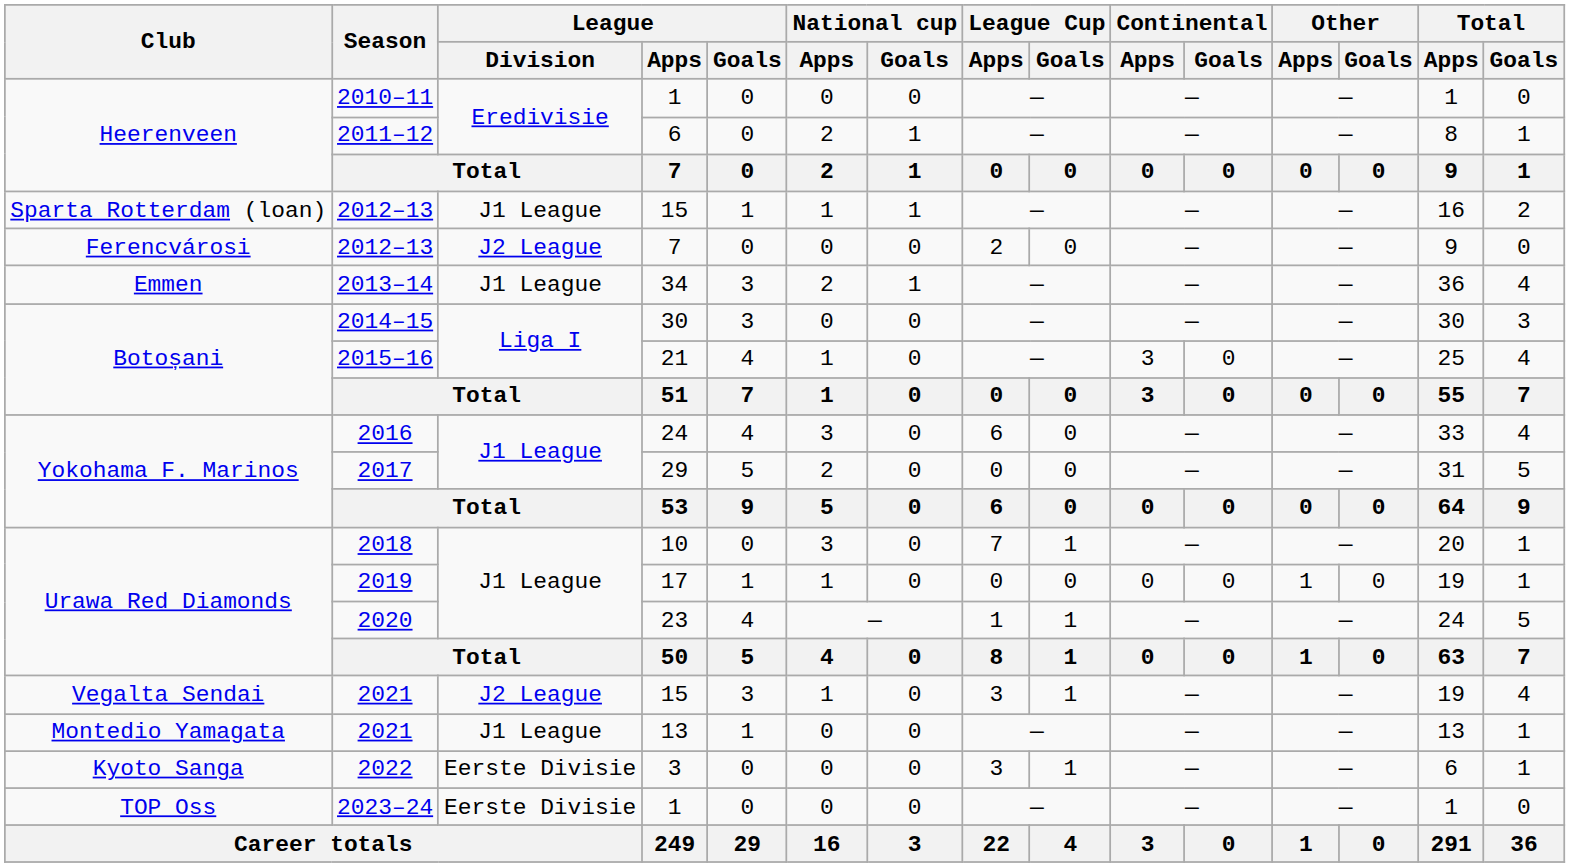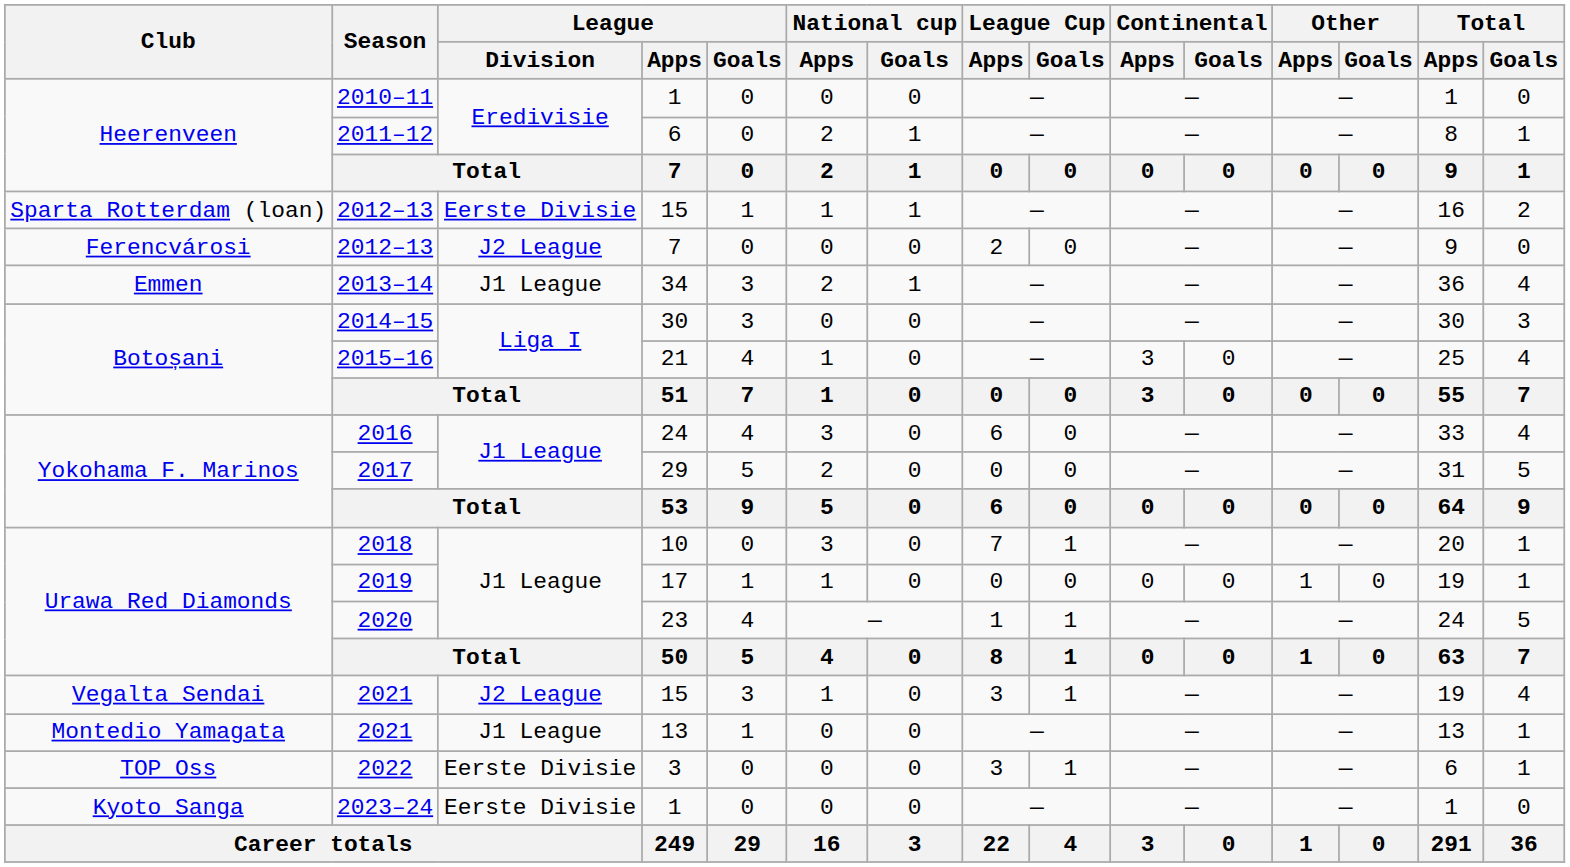 <table class="wikitable" style="text-align: center">
 <tr>
 <th rowspan=2>Club</th>
 <th rowspan=2>Season</th>
 <th colspan=3>League</th>
 <th colspan=2>National cup</th>
 <th colspan=2>League Cup</th>
 <th colspan=2>Continental</th>
 <th colspan=2>Other</th>
 <th colspan=2>Total</th>
 </tr>
 <tr>
 <th>Division</th>
 <th>Apps</th>
 <th>Goals</th>
 <th>Apps</th>
 <th>Goals</th>
 <th>Apps</th>
 <th>Goals</th>
 <th>Apps</th>
 <th>Goals</th>
 <th>Apps</th>
 <th>Goals</th>
 <th>Apps</th>
 <th>Goals</th>
 </tr>
 <tr>
 <td rowspan=3><a href='#'>Heerenveen</a></td>
 <td><a href='#'>2010–11</a></td>
 <td rowspan=2><a href='#'>Eredivisie</a></td>
 <td>1</td>
 <td>0</td>
 <td>0</td>
 <td>0</td>
 <td colspan=2>—</td>
 <td colspan=2>—</td>
 <td colspan=2>—</td>
 <td>1</td>
 <td>0</td>
 </tr>
 <tr>
 <td><a href='#'>2011–12</a></td>
 <td>6</td>
 <td>0</td>
 <td>2</td>
 <td>1</td>
 <td colspan=2>—</td>
 <td colspan=2>—</td>
 <td colspan=2>—</td>
 <td>8</td>
 <td>1</td>
 </tr>
 <tr>
 <th colspan=2>Total</th>
 <th>7</th>
 <th>0</th>
 <th>2</th>
 <th>1</th>
 <th>0</th>
 <th>0</th>
 <th>0</th>
 <th>0</th>
 <th>0</th>
 <th>0</th>
 <th>9</th>
 <th>1</th>
 </tr>
 <tr>
 <td><a href='#'>Sparta Rotterdam</a> (loan)</td>
 <td><a href='#'>2012–13</a></td>
-<td>J1 League</td>
+<td><a href='#'>Eerste Divisie</a></td>
 <td>15</td>
 <td>1</td>
 <td>1</td>
 <td>1</td>
 <td colspan=2>—</td>
 <td colspan=2>—</td>
 <td colspan=2>—</td>
 <td>16</td>
 <td>2</td>
 </tr>
 <tr>
 <td><a href='#'>Ferencvárosi</a></td>
 <td><a href='#'>2012–13</a></td>
 <td><a href='#'>J2 League</a></td>
 <td>7</td>
 <td>0</td>
 <td>0</td>
 <td>0</td>
 <td>2</td>
 <td>0</td>
 <td colspan=2>—</td>
 <td colspan=2>—</td>
 <td>9</td>
 <td>0</td>
 </tr>
 <tr>
 <td><a href='#'>Emmen</a></td>
 <td><a href='#'>2013–14</a></td>
 <td>J1 League</td>
 <td>34</td>
 <td>3</td>
 <td>2</td>
 <td>1</td>
 <td colspan=2>—</td>
 <td colspan=2>—</td>
 <td colspan=2>—</td>
 <td>36</td>
 <td>4</td>
 </tr>
 <tr>
 <td rowspan=3><a href='#'>Botoșani</a></td>
 <td><a href='#'>2014–15</a></td>
 <td rowspan=2><a href='#'>Liga I</a></td>
 <td>30</td>
 <td>3</td>
 <td>0</td>
 <td>0</td>
 <td colspan=2>—</td>
 <td colspan=2>—</td>
 <td colspan=2>—</td>
 <td>30</td>
 <td>3</td>
 </tr>
 <tr>
 <td><a href='#'>2015–16</a></td>
 <td>21</td>
 <td>4</td>
 <td>1</td>
 <td>0</td>
 <td colspan=2>—</td>
 <td>3</td>
 <td>0</td>
 <td colspan=2>—</td>
 <td>25</td>
 <td>4</td>
 </tr>
 <tr>
 <th colspan=2>Total</th>
 <th>51</th>
 <th>7</th>
 <th>1</th>
 <th>0</th>
 <th>0</th>
 <th>0</th>
 <th>3</th>
 <th>0</th>
 <th>0</th>
 <th>0</th>
 <th>55</th>
 <th>7</th>
 </tr>
 <tr>
 <td rowspan=3><a href='#'>Yokohama F. Marinos</a></td>
 <td><a href='#'>2016</a></td>
 <td rowspan=2><a href='#'>J1 League</a></td>
 <td>24</td>
 <td>4</td>
 <td>3</td>
 <td>0</td>
 <td>6</td>
 <td>0</td>
 <td colspan=2>—</td>
 <td colspan=2>—</td>
 <td>33</td>
 <td>4</td>
 </tr>
 <tr>
 <td><a href='#'>2017</a></td>
 <td>29</td>
 <td>5</td>
 <td>2</td>
 <td>0</td>
 <td>0</td>
 <td>0</td>
 <td colspan=2>—</td>
 <td colspan=2>—</td>
 <td>31</td>
 <td>5</td>
 </tr>
 <tr>
 <th colspan=2>Total</th>
 <th>53</th>
 <th>9</th>
 <th>5</th>
 <th>0</th>
 <th>6</th>
 <th>0</th>
 <th>0</th>
 <th>0</th>
 <th>0</th>
 <th>0</th>
 <th>64</th>
 <th>9</th>
 </tr>
 <tr>
 <td rowspan=4><a href='#'>Urawa Red Diamonds</a></td>
 <td><a href='#'>2018</a></td>
 <td rowspan=3>J1 League</td>
 <td>10</td>
 <td>0</td>
 <td>3</td>
 <td>0</td>
 <td>7</td>
 <td>1</td>
 <td colspan=2>—</td>
 <td colspan=2>—</td>
 <td>20</td>
 <td>1</td>
 </tr>
 <tr>
 <td><a href='#'>2019</a></td>
 <td>17</td>
 <td>1</td>
 <td>1</td>
 <td>0</td>
 <td>0</td>
 <td>0</td>
 <td>0</td>
 <td>0</td>
 <td>1</td>
 <td>0</td>
 <td>19</td>
 <td>1</td>
 </tr>
 <tr>
 <td><a href='#'>2020</a></td>
 <td>23</td>
 <td>4</td>
 <td colspan=2>—</td>
 <td>1</td>
 <td>1</td>
 <td colspan=2>—</td>
 <td colspan=2>—</td>
 <td>24</td>
 <td>5</td>
 </tr>
 <tr>
 <th colspan=2>Total</th>
 <th>50</th>
 <th>5</th>
 <th>4</th>
 <th>0</th>
 <th>8</th>
 <th>1</th>
 <th>0</th>
 <th>0</th>
 <th>1</th>
 <th>0</th>
 <th>63</th>
 <th>7</th>
 </tr>
 <tr>
 <td><a href='#'>Vegalta Sendai</a></td>
 <td><a href='#'>2021</a></td>
 <td><a href='#'>J2 League</a></td>
 <td>15</td>
 <td>3</td>
 <td>1</td>
 <td>0</td>
 <td>3</td>
 <td>1</td>
 <td colspan=2>—</td>
 <td colspan=2>—</td>
 <td>19</td>
 <td>4</td>
 </tr>
 <tr>
 <td><a href='#'>Montedio Yamagata</a></td>
 <td><a href='#'>2021</a></td>
 <td>J1 League</td>
 <td>13</td>
 <td>1</td>
 <td>0</td>
 <td>0</td>
 <td colspan=2>—</td>
 <td colspan=2>—</td>
 <td colspan=2>—</td>
 <td>13</td>
 <td>1</td>
 </tr>
 <tr>
-<td><a href='#'>Kyoto Sanga</a></td>
+<td><a href='#'>TOP Oss</a></td>
 <td><a href='#'>2022</a></td>
 <td>Eerste Divisie</td>
 <td>3</td>
 <td>0</td>
 <td>0</td>
 <td>0</td>
 <td>3</td>
 <td>1</td>
 <td colspan=2>—</td>
 <td colspan=2>—</td>
 <td>6</td>
 <td>1</td>
 </tr>
 <tr>
-<td><a href='#'>TOP Oss</a></td>
+<td><a href='#'>Kyoto Sanga</a></td>
 <td><a href='#'>2023–24</a></td>
 <td>Eerste Divisie</td>
 <td>1</td>
 <td>0</td>
 <td>0</td>
 <td>0</td>
 <td colspan=2>—</td>
 <td colspan=2>—</td>
 <td colspan=2>—</td>
 <td>1</td>
 <td>0</td>
 </tr>
 <tr>
 <th colspan=3>Career totals</th>
 <th>249</th>
 <th>29</th>
 <th>16</th>
 <th>3</th>
 <th>22</th>
 <th>4</th>
 <th>3</th>
 <th>0</th>
 <th>1</th>
 <th>0</th>
 <th>291</th>
 <th>36</th>
 </tr>
 </table>
